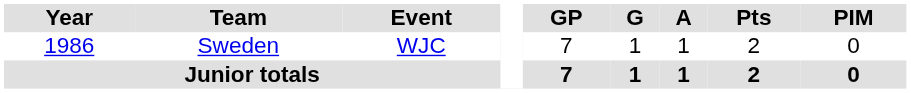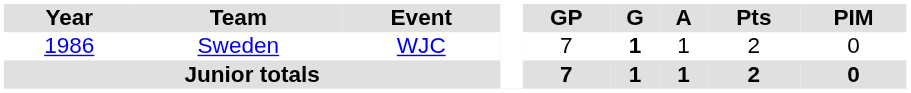 <table border="0" cellpadding="1" cellspacing="0" style="text-align:center; width:40em">
 <tr ALIGN="center" bgcolor="#e0e0e0">
 <th>Year</th>
 <th>Team</th>
 <th>Event</th>
 <th rowspan="99" bgcolor="#ffffff"> </th>
 <th>GP</th>
 <th>G</th>
 <th>A</th>
 <th>Pts</th>
 <th>PIM</th>
 </tr>
 <tr>
 <td><a href='#'>1986</a></td>
 <td><a href='#'>Sweden</a></td>
 <td><a href='#'>WJC</a></td>
 <td>7</td>
-<td>1</td>
+<td><strong>1</strong></td>
 <td>1</td>
 <td>2</td>
 <td>0</td>
 </tr>
 <tr bgcolor="#e0e0e0">
 <th colspan="3">Junior totals</th>
 <th>7</th>
 <th>1</th>
 <th>1</th>
 <th>2</th>
 <th>0</th>
 </tr>
 </table>
